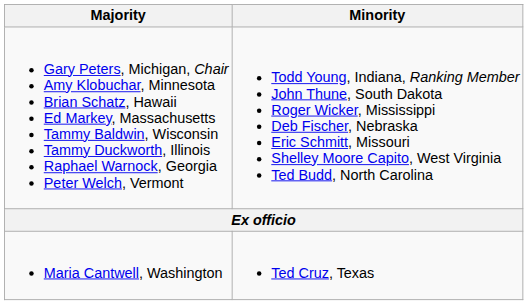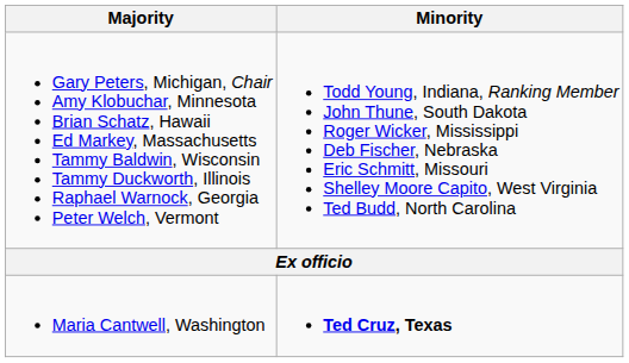 <table class=wikitable>
 <tr>
 <th>Majority</th>
 <th>Minority</th>
 </tr>
 <tr>
 <td><br><ul><li><a href='#'>Gary Peters</a>, Michigan, <em>Chair</em></li><li><a href='#'>Amy Klobuchar</a>, Minnesota</li><li><a href='#'>Brian Schatz</a>, Hawaii</li><li><a href='#'>Ed Markey</a>, Massachusetts</li><li><a href='#'>Tammy Baldwin</a>, Wisconsin</li><li><a href='#'>Tammy Duckworth</a>, Illinois</li><li><a href='#'>Raphael Warnock</a>, Georgia</li><li><a href='#'>Peter Welch</a>, Vermont</li></ul></td>
 <td><br><ul><li><a href='#'>Todd Young</a>, Indiana, <em>Ranking Member</em></li><li><a href='#'>John Thune</a>, South Dakota</li><li><a href='#'>Roger Wicker</a>, Mississippi</li><li><a href='#'>Deb Fischer</a>, Nebraska</li><li><a href='#'>Eric Schmitt</a>, Missouri</li><li><a href='#'>Shelley Moore Capito</a>, West Virginia</li><li><a href='#'>Ted Budd</a>, North Carolina</li></ul></td>
 </tr>
 <tr>
 <th colspan=2><em>Ex officio</em></th>
 </tr>
 <tr>
 <td><br><ul><li><a href='#'>Maria Cantwell</a>, Washington</li></ul></td>
-<td><br><ul><li><a href='#'>Ted Cruz</a>, Texas</li></ul></td>
+<td><strong><br><ul><li><a href='#'>Ted Cruz</a>, Texas</li></ul></strong></td>
 </tr>
 </table>
